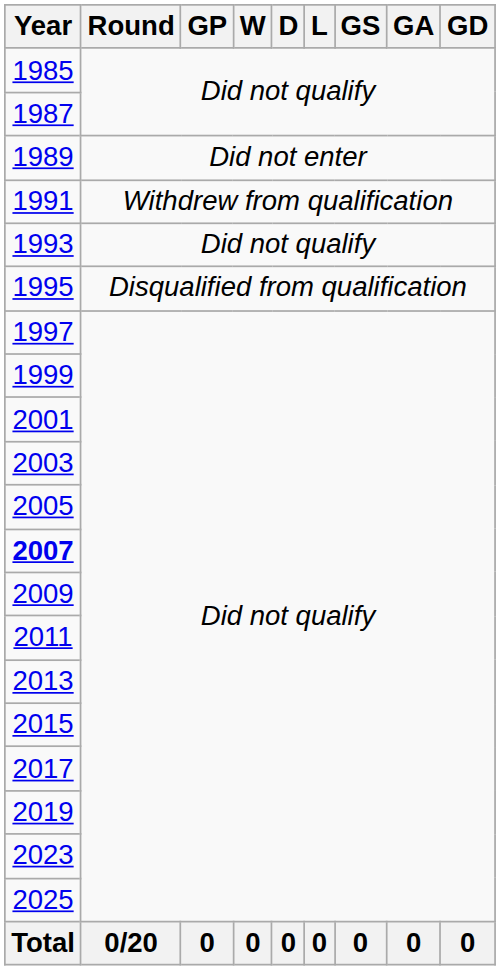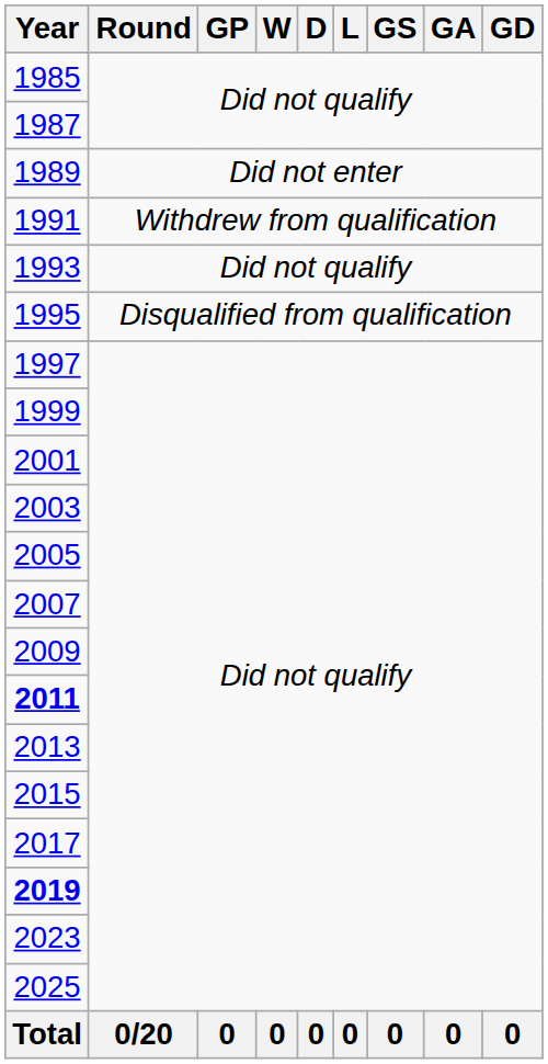 <table class="wikitable" style="text-align: center;">
 <tr>
 <th>Year</th>
 <th>Round</th>
 <th>GP</th>
 <th>W</th>
 <th>D</th>
 <th>L</th>
 <th>GS</th>
 <th>GA</th>
 <th>GD</th>
 </tr>
 <tr>
 <td> <a href='#'>1985</a></td>
 <td colspan=8 rowspan=2><em>Did not qualify</em></td>
 </tr>
 <tr>
 <td> <a href='#'>1987</a></td>
 </tr>
 <tr>
 <td> <a href='#'>1989</a></td>
 <td colspan=8 rowspan=1><em>Did not enter</em></td>
 </tr>
 <tr>
 <td> <a href='#'>1991</a></td>
 <td colspan=8 rowspan=1><em>Withdrew from qualification</em></td>
 </tr>
 <tr>
 <td> <a href='#'>1993</a></td>
 <td colspan=8 rowspan=1><em>Did not qualify</em></td>
 </tr>
 <tr>
 <td> <a href='#'>1995</a></td>
 <td colspan=8 rowspan=1><em>Disqualified from qualification</em></td>
 </tr>
 <tr>
 <td> <a href='#'>1997</a></td>
 <td colspan=8 rowspan=14><em>Did not qualify</em></td>
 </tr>
 <tr>
 <td> <a href='#'>1999</a></td>
 </tr>
 <tr>
 <td> <a href='#'>2001</a></td>
 </tr>
 <tr>
 <td> <a href='#'>2003</a></td>
 </tr>
 <tr>
 <td> <a href='#'>2005</a></td>
 </tr>
 <tr>
-<td><strong> <a href='#'>2007</a></strong></td>
+<td> <a href='#'>2007</a></td>
 </tr>
 <tr>
 <td> <a href='#'>2009</a></td>
 </tr>
 <tr>
-<td> <a href='#'>2011</a></td>
+<td><strong> <a href='#'>2011</a></strong></td>
 </tr>
 <tr>
 <td> <a href='#'>2013</a></td>
 </tr>
 <tr>
 <td> <a href='#'>2015</a></td>
 </tr>
 <tr>
 <td> <a href='#'>2017</a></td>
 </tr>
 <tr>
-<td> <a href='#'>2019</a></td>
+<td><strong> <a href='#'>2019</a></strong></td>
 </tr>
 <tr>
 <td> <a href='#'>2023</a></td>
 </tr>
 <tr>
 <td> <a href='#'>2025</a></td>
 </tr>
 <tr>
 <th>Total</th>
 <th>0/20</th>
 <th>0</th>
 <th>0</th>
 <th>0</th>
 <th>0</th>
 <th>0</th>
 <th>0</th>
 <th>0</th>
 </tr>
 </table>
